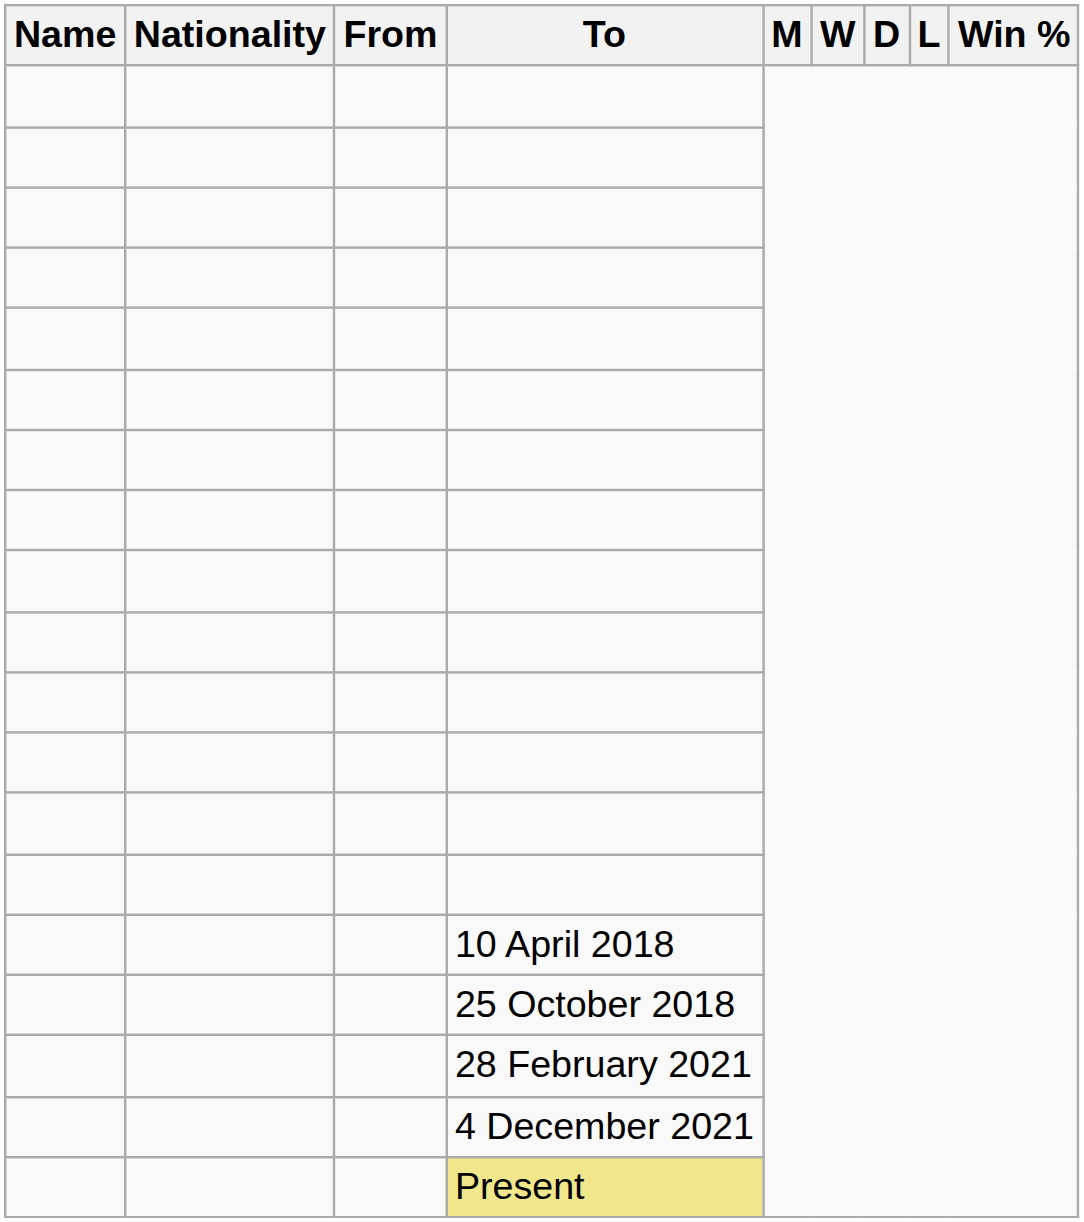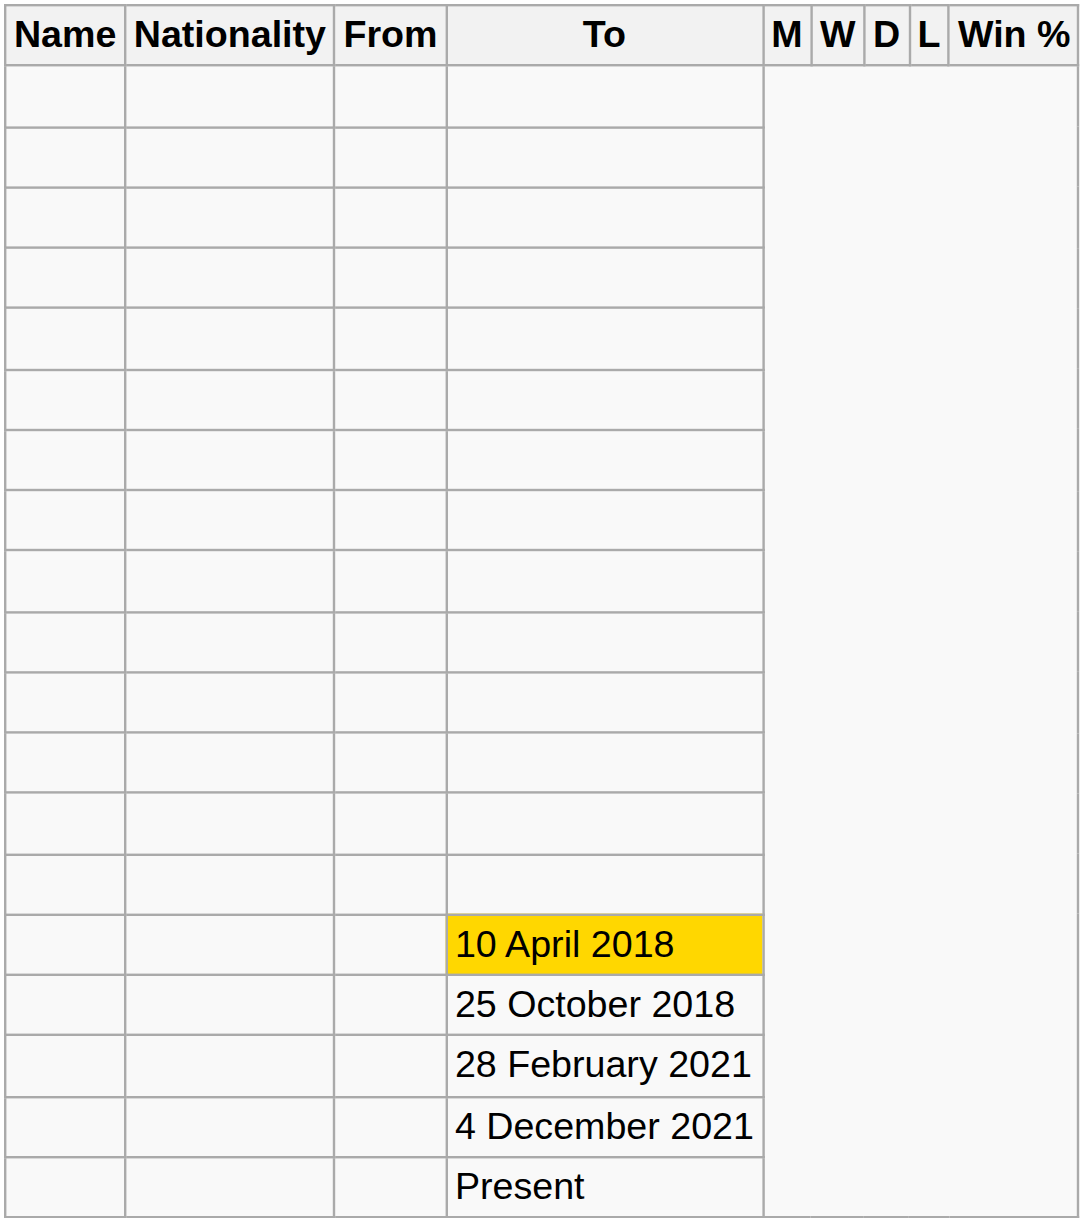 <table class="wikitable sortable" style="text-align: left; font-size:98%;">
 <tr>
 <th scope=col>Name</th>
 <th scope=col>Nationality</th>
 <th scope=col>From</th>
 <th scope=col class="unsortable">To</th>
 <th scope=col>M</th>
 <th scope=col>W</th>
 <th scope=col>D</th>
 <th scope=col>L</th>
 <th scope=col>Win %</th>
 </tr>
 <tr>
 <td scope=row align="left"></td>
 <td></td>
 <td align="left"></td>
 <td align=left><br></td>
 </tr>
 <tr>
 <td scope=row align="left"></td>
 <td></td>
 <td align="left"></td>
 <td align=left><br></td>
 </tr>
 <tr>
 <td scope=row align="left"></td>
 <td></td>
 <td align="left"></td>
 <td align=left><br></td>
 </tr>
 <tr>
 <td scope=row align="left"></td>
 <td></td>
 <td align="left"></td>
 <td align=left><br></td>
 </tr>
 <tr>
 <td scope=row align="left"></td>
 <td></td>
 <td align="left"></td>
 <td align=left><br></td>
 </tr>
 <tr>
 <td scope=row align="left"></td>
 <td></td>
 <td align="left"></td>
 <td align=left><br></td>
 </tr>
 <tr>
 <td scope=row align="left"></td>
 <td></td>
 <td align="left"></td>
 <td align=left><br></td>
 </tr>
 <tr>
 <td scope=row align="left"></td>
 <td></td>
 <td align="left"></td>
 <td align=left><br></td>
 </tr>
 <tr>
 <td scope=row align="left"></td>
 <td></td>
 <td align="left"></td>
 <td align=left><br></td>
 </tr>
 <tr>
 <td scope=row align="left"></td>
 <td></td>
 <td align="left"></td>
 <td align=left><br></td>
 </tr>
 <tr>
 <td scope=row align="left"></td>
 <td></td>
 <td align="left"></td>
 <td align=left><br></td>
 </tr>
 <tr>
 <td scope=row align="left"></td>
 <td></td>
 <td align="left"></td>
 <td align=left><br></td>
 </tr>
 <tr>
 <td scope=row align="left"></td>
 <td></td>
 <td align="left"></td>
 <td align=left><br></td>
 </tr>
 <tr>
 <td scope=row align="left"></td>
 <td></td>
 <td align="left"></td>
 <td align=left><br></td>
 </tr>
 <tr>
 <td scope=row align="left"></td>
 <td></td>
 <td align="left"></td>
-<td align="left">10 April 2018<br></td>
+<td align="left" style="background: gold;">10 April 2018<br></td>
 </tr>
 <tr>
 <td scope=row align="left"></td>
 <td></td>
 <td align="left"></td>
 <td align="left">25 October 2018<br></td>
 </tr>
 <tr>
 <td scope=row align="left"></td>
 <td></td>
 <td align="left"></td>
 <td align="left">28 February 2021<br></td>
 </tr>
 <tr>
 <td scope=row align="left"></td>
 <td></td>
 <td align="left"></td>
 <td>4 December 2021<br></td>
 </tr>
 <tr>
 <td scope=row align="left"></td>
 <td></td>
 <td align="left"></td>
-<td style="background: khaki;">Present<br></td>
+<td>Present<br></td>
 </tr>
 </table>
